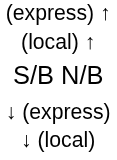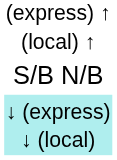 <table style="text-align:center;">
 <tr>
 <td><small>  (express) ↑ <br>  (local) ↑ </small></td>
 </tr>
 <tr>
 <td><span>S/B</span>   <span>N/B</span></td>
 </tr>
 <tr>
-<td><small> ↓  (express)<br> ↓  (local) </small></td>
+<td style="background: paleturquoise;"><small> ↓  (express)<br> ↓  (local) </small></td>
 </tr>
 </table>
